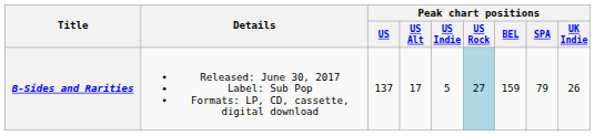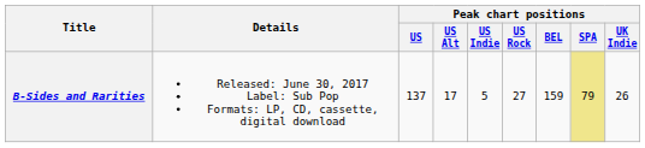 <table class="wikitable plainrowheaders" style="text-align:center;">
 <tr>
 <th rowspan="2" scope="col" style="width:13em;">Title</th>
 <th rowspan="2" scope="col" style="width:22em;">Details</th>
 <th colspan="7" scope="col">Peak chart positions</th>
 </tr>
 <tr>
 <th scope="col" style="width:3em;font-size:90%;"><a href='#'>US</a><br></th>
 <th scope="col" style="width:3em;font-size:90%;"><a href='#'>US<br>Alt</a><br></th>
 <th scope="col" style="width:3em;font-size:90%;"><a href='#'>US<br>Indie</a><br></th>
 <th scope="col" style="width:3em;font-size:90%;"><a href='#'>US<br>Rock</a><br></th>
 <th scope="col" style="width:3em;font-size:90%;"><a href='#'>BEL</a><br></th>
 <th scope="col" style="width:3em;font-size:90%;"><a href='#'>SPA</a><br></th>
 <th scope="col" style="width:3em;font-size:90%;"><a href='#'>UK<br>Indie</a><br></th>
 </tr>
 <tr>
 <th scope="row"><em><a href='#'>B-Sides and Rarities</a></em></th>
 <td><br><ul><li>Released: June 30, 2017</li><li>Label: Sub Pop</li><li>Formats: LP, CD, cassette, digital download</li></ul></td>
 <td>137</td>
 <td>17</td>
 <td>5</td>
-<td style="background: lightblue;">27</td>
+<td>27</td>
 <td>159</td>
-<td>79</td>
+<td style="background: khaki;">79</td>
 <td>26</td>
 </tr>
 </table>
